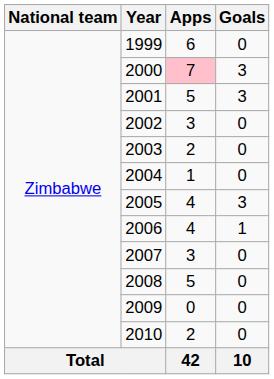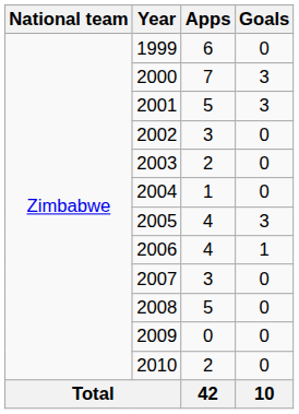 <table class="wikitable" style="text-align:center">
 <tr>
 <th>National team</th>
 <th>Year</th>
 <th>Apps</th>
 <th>Goals</th>
 </tr>
 <tr>
 <td rowspan="12“"><a href='#'>Zimbabwe</a></td>
 <td>1999</td>
 <td>6</td>
 <td>0</td>
 </tr>
 <tr>
 <td>2000</td>
-<td style="background: pink;">7</td>
+<td>7</td>
 <td>3</td>
 </tr>
 <tr>
 <td>2001</td>
 <td>5</td>
 <td>3</td>
 </tr>
 <tr>
 <td>2002</td>
 <td>3</td>
 <td>0</td>
 </tr>
 <tr>
 <td>2003</td>
 <td>2</td>
 <td>0</td>
 </tr>
 <tr>
 <td>2004</td>
 <td>1</td>
 <td>0</td>
 </tr>
 <tr>
 <td>2005</td>
 <td>4</td>
 <td>3</td>
 </tr>
 <tr>
 <td>2006</td>
 <td>4</td>
 <td>1</td>
 </tr>
 <tr>
 <td>2007</td>
 <td>3</td>
 <td>0</td>
 </tr>
 <tr>
 <td>2008</td>
 <td>5</td>
 <td>0</td>
 </tr>
 <tr>
 <td>2009</td>
 <td>0</td>
 <td>0</td>
 </tr>
 <tr>
 <td>2010</td>
 <td>2</td>
 <td>0</td>
 </tr>
 <tr>
 <th colspan="2">Total</th>
 <th>42</th>
 <th>10</th>
 </tr>
 </table>
